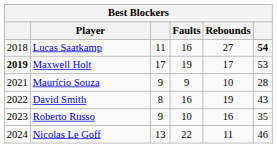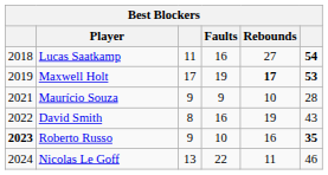 <table class="wikitable sortable" style=font-size:90%>
 <tr>
 <th colspan=7>Best Blockers</th>
 </tr>
 <tr>
 <th></th>
 <th width=158>Player</th>
 <th width=20></th>
 <th width=20>Faults</th>
 <th width=20>Rebounds</th>
 <th width=20></th>
 </tr>
 <tr>
 <td>2018</td>
 <td> <a href='#'>Lucas Saatkamp</a></td>
 <td align=center>11</td>
 <td align=center>16</td>
 <td align=center>27</td>
 <td align=center><strong>54</strong></td>
 </tr>
 <tr>
-<td><strong>2019</strong></td>
+<td>2019</td>
 <td> <a href='#'>Maxwell Holt</a></td>
 <td align=center>17</td>
 <td align=center>19</td>
-<td align=center>17</td>
-<td align=center>53</td>
+<td align=center><strong>17</strong></td>
+<td align=center><strong>53</strong></td>
 </tr>
 <tr>
 <td>2021</td>
 <td> <a href='#'>Maurício Souza</a></td>
 <td align=center>9</td>
 <td align=center>9</td>
 <td align=center>10</td>
 <td align=center>28</td>
 </tr>
 <tr>
 <td>2022</td>
 <td> <a href='#'>David Smith</a></td>
 <td align=center>8</td>
 <td align=center>16</td>
 <td align=center>19</td>
 <td align=center>43</td>
 </tr>
 <tr>
-<td>2023</td>
+<td><strong>2023</strong></td>
 <td> <a href='#'>Roberto Russo</a></td>
 <td align=center>9</td>
 <td align=center>10</td>
 <td align=center>16</td>
-<td align=center>35</td>
+<td align=center><strong>35</strong></td>
 </tr>
 <tr>
 <td>2024</td>
 <td> <a href='#'>Nicolas Le Goff</a></td>
 <td align=center>13</td>
 <td align=center>22</td>
 <td align=center>11</td>
 <td align=center>46</td>
 </tr>
 </table>
